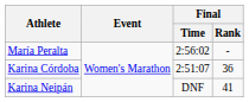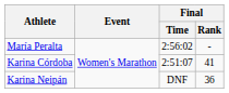 <table class=wikitable style="font-size:90%;">
 <tr>
 <th rowspan=2>Athlete</th>
 <th rowspan=2>Event</th>
 <th colspan=2>Final</th>
 </tr>
 <tr>
 <th>Time</th>
 <th>Rank</th>
 </tr>
 <tr>
 <td><a href='#'>María Peralta</a></td>
 <td rowspan=3><a href='#'>Women's Marathon</a></td>
 <td align="center">2:56:02</td>
 <td align="center">-</td>
 </tr>
 <tr>
 <td><a href='#'>Karina Córdoba</a></td>
 <td align="center">2:51:07</td>
-<td align="center">36</td>
+<td align="center">41</td>
 </tr>
 <tr>
 <td><a href='#'>Karina Neipán</a></td>
 <td align="center">DNF</td>
-<td align="center">41</td>
+<td align="center">36</td>
 </tr>
 </table>
